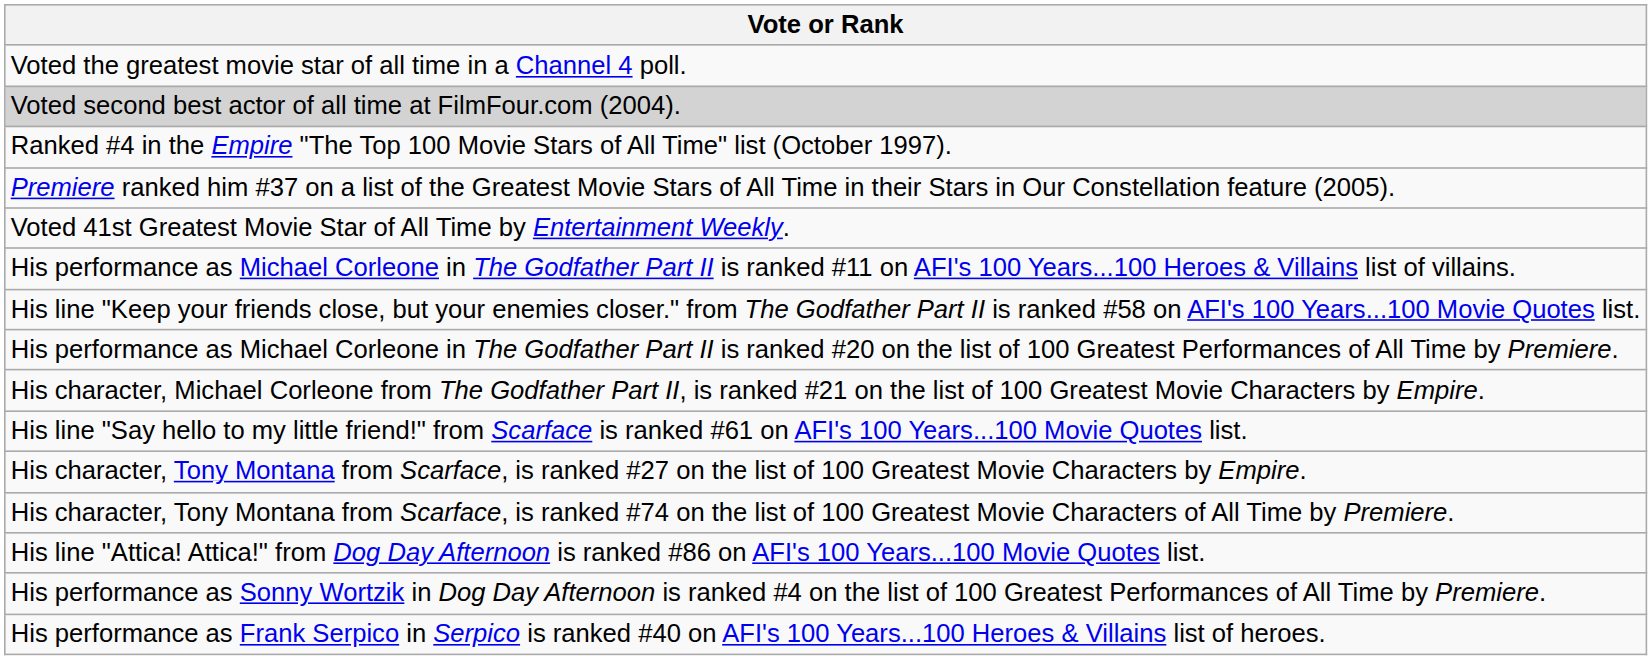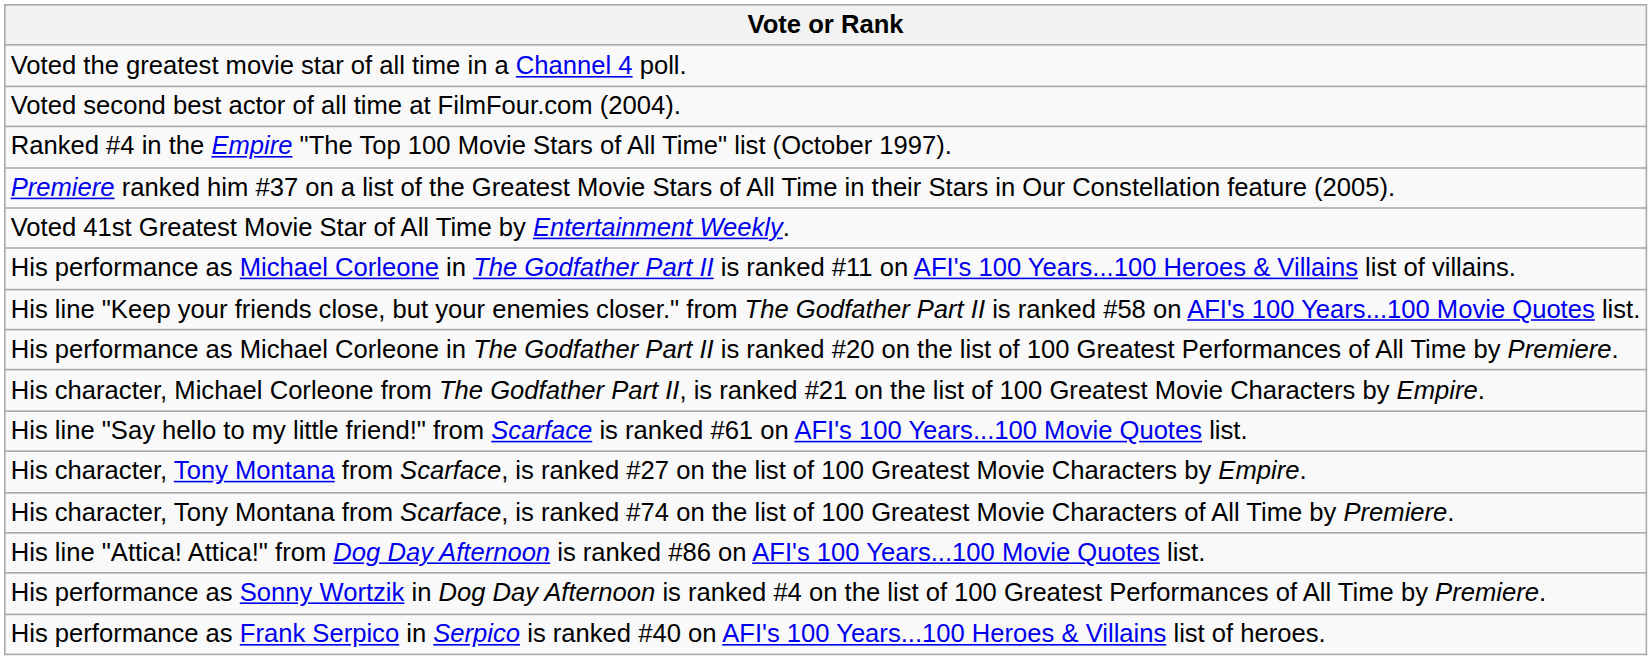 <table class="wikitable">
 <tr>
 <th>Vote or Rank</th>
 </tr>
 <tr>
 <td>Voted the greatest movie star of all time in a <a href='#'>Channel 4</a> poll.</td>
 </tr>
 <tr>
-<td style="background: lightgrey;">Voted second best actor of all time at FilmFour.com (2004).</td>
+<td>Voted second best actor of all time at FilmFour.com (2004).</td>
 </tr>
 <tr>
 <td>Ranked #4 in the <em><a href='#'>Empire</a></em> "The Top 100 Movie Stars of All Time" list (October 1997).</td>
 </tr>
 <tr>
 <td><em><a href='#'>Premiere</a></em> ranked him #37 on a list of the Greatest Movie Stars of All Time in their Stars in Our Constellation feature (2005).</td>
 </tr>
 <tr>
 <td>Voted 41st Greatest Movie Star of All Time by <em><a href='#'>Entertainment Weekly</a></em>.</td>
 </tr>
 <tr>
 <td>His performance as <a href='#'>Michael Corleone</a> in <em><a href='#'>The Godfather Part II</a></em> is ranked #11 on <a href='#'>AFI's 100 Years...100 Heroes & Villains</a> list of villains.</td>
 </tr>
 <tr>
 <td>His line "Keep your friends close, but your enemies closer." from <em>The Godfather Part II</em> is ranked #58 on <a href='#'>AFI's 100 Years...100 Movie Quotes</a> list.</td>
 </tr>
 <tr>
 <td>His performance as Michael Corleone in <em>The Godfather Part II</em> is ranked #20 on the list of 100 Greatest Performances of All Time by <em>Premiere</em>.</td>
 </tr>
 <tr>
 <td>His character, Michael Corleone from <em>The Godfather Part II</em>, is ranked #21 on the list of 100 Greatest Movie Characters by <em>Empire</em>.</td>
 </tr>
 <tr>
 <td>His line "Say hello to my little friend!" from <em><a href='#'>Scarface</a></em> is ranked #61 on <a href='#'>AFI's 100 Years...100 Movie Quotes</a> list.</td>
 </tr>
 <tr>
 <td>His character, <a href='#'>Tony Montana</a> from <em>Scarface</em>, is ranked #27 on the list of 100 Greatest Movie Characters by <em>Empire</em>.</td>
 </tr>
 <tr>
 <td>His character, Tony Montana from <em>Scarface</em>, is ranked #74 on the list of 100 Greatest Movie Characters of All Time by <em>Premiere</em>.</td>
 </tr>
 <tr>
 <td>His line "Attica! Attica!" from <em><a href='#'>Dog Day Afternoon</a></em> is ranked #86 on <a href='#'>AFI's 100 Years...100 Movie Quotes</a> list.</td>
 </tr>
 <tr>
 <td>His performance as <a href='#'>Sonny Wortzik</a> in <em>Dog Day Afternoon</em> is ranked #4 on the list of 100 Greatest Performances of All Time by <em>Premiere</em>.</td>
 </tr>
 <tr>
 <td>His performance as <a href='#'>Frank Serpico</a> in <em><a href='#'>Serpico</a></em> is ranked #40 on <a href='#'>AFI's 100 Years...100 Heroes & Villains</a> list of heroes.</td>
 </tr>
 </table>
